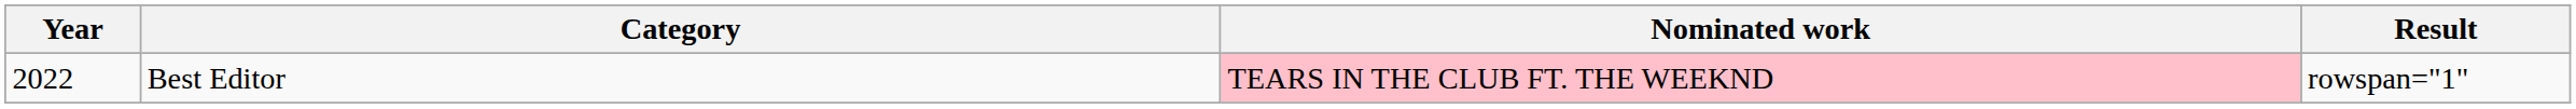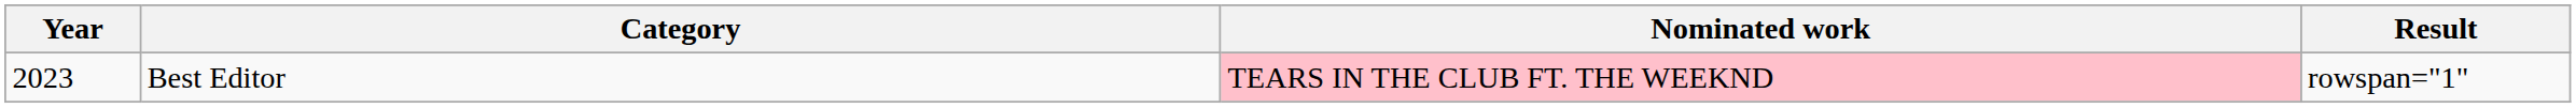 <table class="wikitable" style="width:85%;">
 <tr>
 <th width="5%">Year</th>
 <th style="width:40%;">Category</th>
 <th style="width:40%;">Nominated work</th>
 <th style="width:10%;">Result</th>
 </tr>
 <tr>
-<td>2022</td>
+<td>2023</td>
 <td>Best Editor</td>
 <td style="background: pink;">TEARS IN THE CLUB FT. THE WEEKND</td>
 <td>rowspan="1" </td>
 </tr>
 </table>
